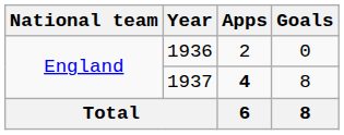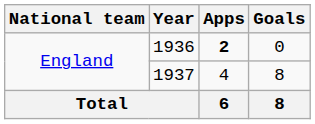 <table class="wikitable" style="text-align:center">
 <tr>
 <th>National team</th>
 <th>Year</th>
 <th>Apps</th>
 <th>Goals</th>
 </tr>
 <tr>
 <td rowspan="2"><a href='#'>England</a></td>
 <td>1936</td>
-<td>2</td>
+<td><strong>2</strong></td>
 <td>0</td>
 </tr>
 <tr>
 <td>1937</td>
-<td><strong>4</strong></td>
+<td>4</td>
 <td>8</td>
 </tr>
 <tr>
 <th colspan="2">Total</th>
 <th>6</th>
 <th>8</th>
 </tr>
 </table>
